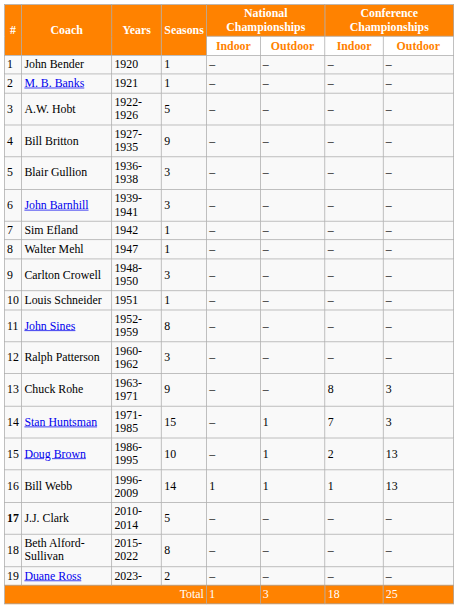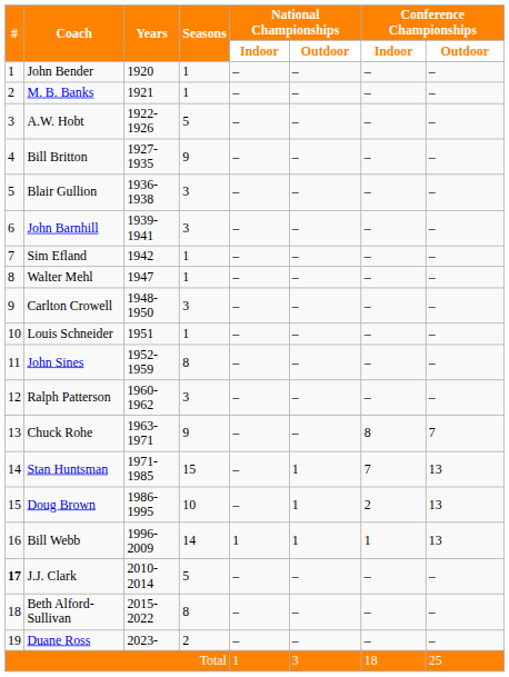 <table class="wikitable">
 <tr>
 <th rowspan="2" style="background: #FF8200; color:white;">#</th>
 <th rowspan="2" style="background: #FF8200; color:white;">Coach</th>
 <th rowspan="2" style="background: #FF8200; color:white;">Years</th>
 <th rowspan="2" style="background: #FF8200; color:white;">Seasons</th>
 <th colspan="2" style="background: #FF8200; color:white;">National Championships</th>
 <th colspan="2" style="background: #FF8200; color:white;">Conference Championships</th>
 </tr>
 <tr align="center" style="width:20px; background: white; color:#FF8200; text-align:center">
 <td><strong>Indoor</strong></td>
 <td><strong>Outdoor</strong></td>
 <td><strong>Indoor</strong></td>
 <td><strong>Outdoor</strong></td>
 </tr>
 <tr>
 <td>1</td>
 <td>John Bender</td>
 <td>1920</td>
 <td>1</td>
 <td>–</td>
 <td>–</td>
 <td>–</td>
 <td>–</td>
 </tr>
 <tr>
 <td>2</td>
 <td><a href='#'>M. B. Banks</a></td>
 <td>1921</td>
 <td>1</td>
 <td>–</td>
 <td>–</td>
 <td>–</td>
 <td>–</td>
 </tr>
 <tr>
 <td>3</td>
 <td>A.W. Hobt</td>
 <td>1922-1926</td>
 <td>5</td>
 <td>–</td>
 <td>–</td>
 <td>–</td>
 <td>–</td>
 </tr>
 <tr>
 <td>4</td>
 <td>Bill Britton</td>
 <td>1927-1935</td>
 <td>9</td>
 <td>–</td>
 <td>–</td>
 <td>–</td>
 <td>–</td>
 </tr>
 <tr>
 <td>5</td>
 <td>Blair Gullion</td>
 <td>1936-1938</td>
 <td>3</td>
 <td>–</td>
 <td>–</td>
 <td>–</td>
 <td>–</td>
 </tr>
 <tr>
 <td>6</td>
 <td><a href='#'>John Barnhill</a></td>
 <td>1939-1941</td>
 <td>3</td>
 <td>–</td>
 <td>–</td>
 <td>–</td>
 <td>–</td>
 </tr>
 <tr>
 <td>7</td>
 <td>Sim Efland</td>
 <td>1942</td>
 <td>1</td>
 <td>–</td>
 <td>–</td>
 <td>–</td>
 <td>–</td>
 </tr>
 <tr>
 <td>8</td>
 <td>Walter Mehl</td>
 <td>1947</td>
 <td>1</td>
 <td>–</td>
 <td>–</td>
 <td>–</td>
 <td>–</td>
 </tr>
 <tr>
 <td>9</td>
 <td>Carlton Crowell</td>
 <td>1948-1950</td>
 <td>3</td>
 <td>–</td>
 <td>–</td>
 <td>–</td>
 <td>–</td>
 </tr>
 <tr>
 <td>10</td>
 <td>Louis Schneider</td>
 <td>1951</td>
 <td>1</td>
 <td>–</td>
 <td>–</td>
 <td>–</td>
 <td>–</td>
 </tr>
 <tr>
 <td>11</td>
 <td><a href='#'>John Sines</a></td>
 <td>1952-1959</td>
 <td>8</td>
 <td>–</td>
 <td>–</td>
 <td>–</td>
 <td>–</td>
 </tr>
 <tr>
 <td>12</td>
 <td>Ralph Patterson</td>
 <td>1960-1962</td>
 <td>3</td>
 <td>–</td>
 <td>–</td>
 <td>–</td>
 <td>–</td>
 </tr>
 <tr>
 <td>13</td>
 <td>Chuck Rohe</td>
 <td>1963-1971</td>
 <td>9</td>
 <td>–</td>
 <td>–</td>
 <td>8</td>
-<td>3</td>
+<td>7</td>
 </tr>
 <tr>
 <td>14</td>
 <td><a href='#'>Stan Huntsman</a></td>
 <td>1971-1985</td>
 <td>15</td>
 <td>–</td>
 <td>1</td>
 <td>7</td>
-<td>3</td>
+<td>13</td>
 </tr>
 <tr>
 <td>15</td>
 <td><a href='#'>Doug Brown</a></td>
 <td>1986-1995</td>
 <td>10</td>
 <td>–</td>
 <td>1</td>
 <td>2</td>
 <td>13</td>
 </tr>
 <tr>
 <td>16</td>
 <td>Bill Webb</td>
 <td>1996-2009</td>
 <td>14</td>
 <td>1</td>
 <td>1</td>
 <td>1</td>
 <td>13</td>
 </tr>
 <tr>
 <td><strong>17</strong></td>
 <td>J.J. Clark</td>
 <td>2010-2014</td>
 <td>5</td>
 <td>–</td>
 <td>–</td>
 <td>–</td>
 <td>–</td>
 </tr>
 <tr>
 <td>18</td>
 <td>Beth Alford-Sullivan</td>
 <td>2015-2022</td>
 <td>8</td>
 <td>–</td>
 <td>–</td>
 <td>–</td>
 <td>–</td>
 </tr>
 <tr>
 <td>19</td>
 <td><a href='#'>Duane Ross</a></td>
 <td>2023-</td>
 <td>2</td>
 <td>–</td>
 <td>–</td>
 <td>–</td>
 <td>–</td>
 </tr>
 <tr style="background: #FF8200; color:white">
 <td colspan="4" align="right">Total</td>
 <td>1</td>
 <td>3</td>
 <td>18</td>
 <td>25</td>
 </tr>
 </table>
